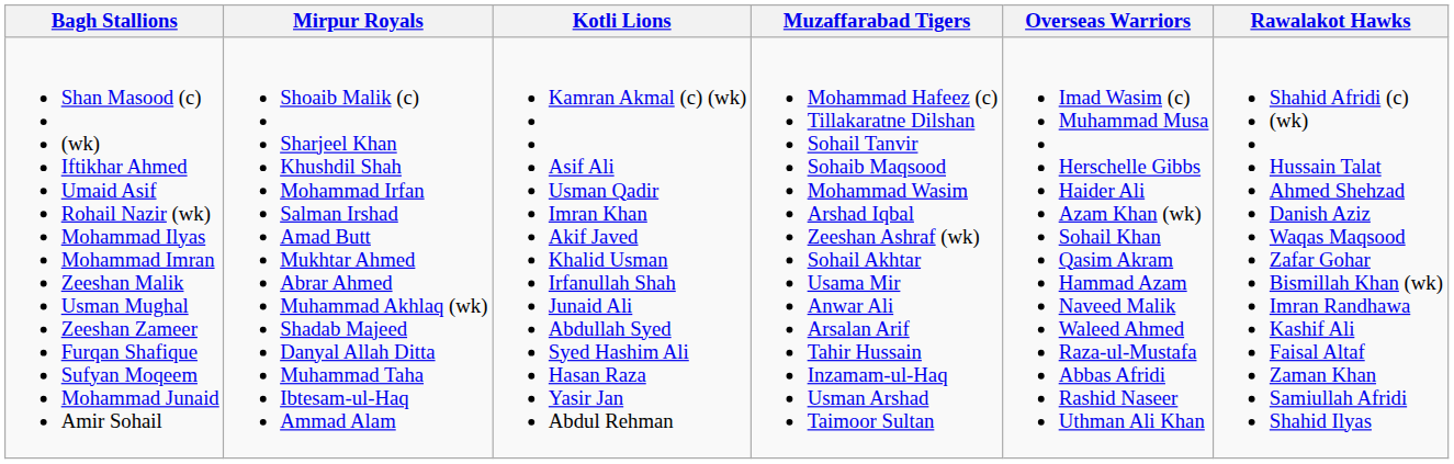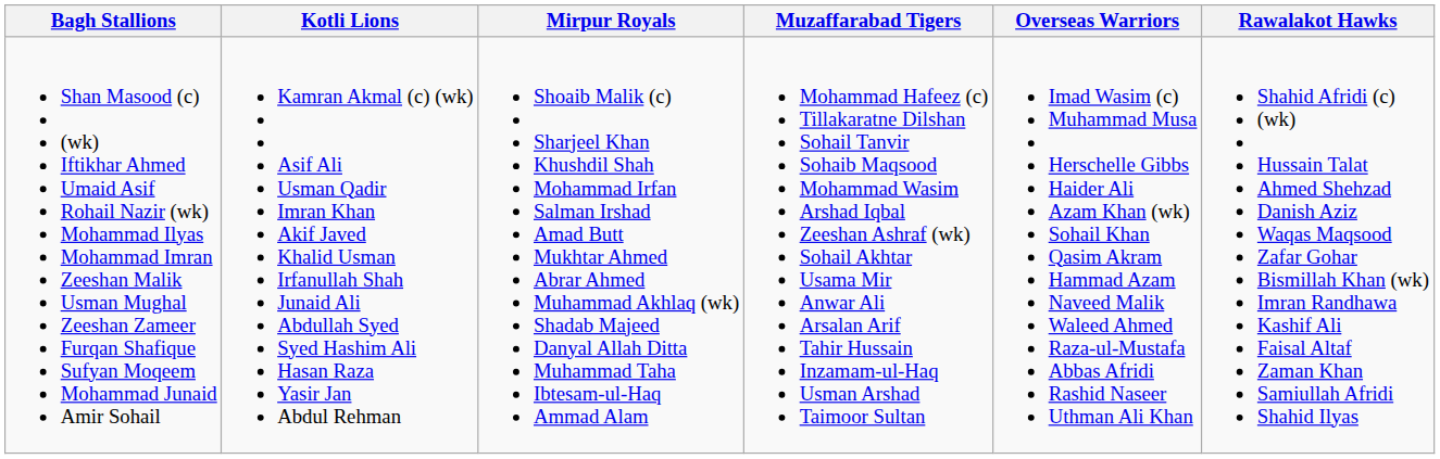 <table class="wikitable">
 <tr>
 <th><a href='#'>Bagh Stallions</a></th>
+<th><a href='#'>Kotli Lions</a></th>
 <th><a href='#'>Mirpur Royals</a></th>
-<th><a href='#'>Kotli Lions</a></th>
 <th><a href='#'>Muzaffarabad Tigers</a></th>
 <th><a href='#'>Overseas Warriors</a></th>
 <th><a href='#'>Rawalakot Hawks</a></th>
 </tr>
 <tr>
 <td valign=top><br><ul><li><a href='#'>Shan Masood</a> (c)</li><li></li><li> (wk)</li><li><a href='#'>Iftikhar Ahmed</a></li><li><a href='#'>Umaid Asif</a></li><li><a href='#'>Rohail Nazir</a> (wk)</li><li><a href='#'>Mohammad Ilyas</a></li><li><a href='#'>Mohammad Imran</a></li><li><a href='#'>Zeeshan Malik</a></li><li><a href='#'>Usman Mughal</a></li><li><a href='#'>Zeeshan Zameer</a></li><li><a href='#'>Furqan Shafique</a></li><li><a href='#'>Sufyan Moqeem</a></li><li><a href='#'>Mohammad Junaid</a></li><li>Amir Sohail</li></ul></td>
+<td valign=top><br><ul><li><a href='#'>Kamran Akmal</a> (c) (wk)</li><li></li><li></li><li><a href='#'>Asif Ali</a></li><li><a href='#'>Usman Qadir</a></li><li><a href='#'>Imran Khan</a></li><li><a href='#'>Akif Javed</a></li><li><a href='#'>Khalid Usman</a></li><li><a href='#'>Irfanullah Shah</a></li><li><a href='#'>Junaid Ali</a></li><li><a href='#'>Abdullah Syed</a></li><li><a href='#'>Syed Hashim Ali</a></li><li><a href='#'>Hasan Raza</a></li><li><a href='#'>Yasir Jan</a></li><li>Abdul Rehman</li></ul></td>
 <td valign=top><br><ul><li><a href='#'>Shoaib Malik</a> (c)</li><li></li><li><a href='#'>Sharjeel Khan</a></li><li><a href='#'>Khushdil Shah</a></li><li><a href='#'>Mohammad Irfan</a></li><li><a href='#'>Salman Irshad</a></li><li><a href='#'>Amad Butt</a></li><li><a href='#'>Mukhtar Ahmed</a></li><li><a href='#'>Abrar Ahmed</a></li><li><a href='#'>Muhammad Akhlaq</a> (wk)</li><li><a href='#'>Shadab Majeed</a></li><li><a href='#'>Danyal Allah Ditta</a></li><li><a href='#'>Muhammad Taha</a></li><li><a href='#'>Ibtesam-ul-Haq</a></li><li><a href='#'>Ammad Alam</a></li></ul></td>
-<td valign=top><br><ul><li><a href='#'>Kamran Akmal</a> (c) (wk)</li><li></li><li></li><li><a href='#'>Asif Ali</a></li><li><a href='#'>Usman Qadir</a></li><li><a href='#'>Imran Khan</a></li><li><a href='#'>Akif Javed</a></li><li><a href='#'>Khalid Usman</a></li><li><a href='#'>Irfanullah Shah</a></li><li><a href='#'>Junaid Ali</a></li><li><a href='#'>Abdullah Syed</a></li><li><a href='#'>Syed Hashim Ali</a></li><li><a href='#'>Hasan Raza</a></li><li><a href='#'>Yasir Jan</a></li><li>Abdul Rehman</li></ul></td>
 <td valign=top><br><ul><li><a href='#'>Mohammad Hafeez</a> (c)</li><li><a href='#'>Tillakaratne Dilshan</a></li><li><a href='#'>Sohail Tanvir</a></li><li><a href='#'>Sohaib Maqsood</a></li><li><a href='#'>Mohammad Wasim</a></li><li><a href='#'>Arshad Iqbal</a></li><li><a href='#'>Zeeshan Ashraf</a> (wk)</li><li><a href='#'>Sohail Akhtar</a></li><li><a href='#'>Usama Mir</a></li><li><a href='#'>Anwar Ali</a></li><li><a href='#'>Arsalan Arif</a></li><li><a href='#'>Tahir Hussain</a></li><li><a href='#'>Inzamam-ul-Haq</a></li><li><a href='#'>Usman Arshad</a></li><li><a href='#'>Taimoor Sultan</a></li></ul></td>
 <td valign=top><br><ul><li><a href='#'>Imad Wasim</a> (c)</li><li><a href='#'>Muhammad Musa</a></li><li></li><li><a href='#'>Herschelle Gibbs</a></li><li><a href='#'>Haider Ali</a></li><li><a href='#'>Azam Khan</a> (wk)</li><li><a href='#'>Sohail Khan</a></li><li><a href='#'>Qasim Akram</a></li><li><a href='#'>Hammad Azam</a></li><li><a href='#'>Naveed Malik</a></li><li><a href='#'>Waleed Ahmed</a></li><li><a href='#'>Raza-ul-Mustafa</a></li><li><a href='#'>Abbas Afridi</a></li><li><a href='#'>Rashid Naseer</a></li><li><a href='#'>Uthman Ali Khan</a></li></ul></td>
 <td valign=top><br><ul><li><a href='#'>Shahid Afridi</a> (c)</li><li> (wk)</li><li></li><li><a href='#'>Hussain Talat</a></li><li><a href='#'>Ahmed Shehzad</a></li><li><a href='#'>Danish Aziz</a></li><li><a href='#'>Waqas Maqsood</a></li><li><a href='#'>Zafar Gohar</a></li><li><a href='#'>Bismillah Khan</a> (wk)</li><li><a href='#'>Imran Randhawa</a></li><li><a href='#'>Kashif Ali</a></li><li><a href='#'>Faisal Altaf</a></li><li><a href='#'>Zaman Khan</a></li><li><a href='#'>Samiullah Afridi</a></li><li><a href='#'>Shahid Ilyas</a></li></ul></td>
 </tr>
 </table>
